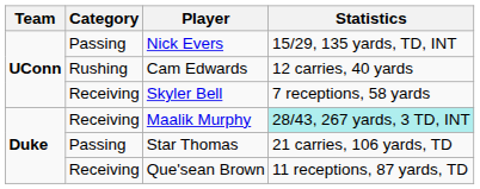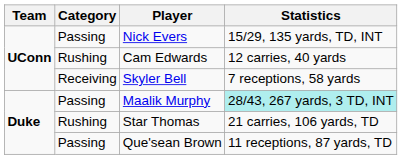 <table class="wikitable" style="float: right;">
 <tr>
 <th>Team</th>
 <th>Category</th>
 <th>Player</th>
 <th>Statistics</th>
 </tr>
 <tr>
 <td rowspan=3><strong>UConn</strong></td>
 <td>Passing</td>
 <td><a href='#'>Nick Evers</a></td>
 <td>15/29, 135 yards, TD, INT</td>
 </tr>
 <tr>
 <td>Rushing</td>
 <td>Cam Edwards</td>
 <td>12 carries, 40 yards</td>
 </tr>
 <tr>
 <td>Receiving</td>
 <td><a href='#'>Skyler Bell</a></td>
 <td>7 receptions, 58 yards</td>
 </tr>
 <tr>
 <td rowspan=3><strong>Duke</strong></td>
-<td>Receiving</td>
+<td>Passing</td>
 <td><a href='#'>Maalik Murphy</a></td>
 <td style="background: paleturquoise;">28/43, 267 yards, 3 TD, INT</td>
 </tr>
 <tr>
-<td>Passing</td>
+<td>Rushing</td>
 <td>Star Thomas</td>
 <td>21 carries, 106 yards, TD</td>
 </tr>
 <tr>
-<td>Receiving</td>
+<td>Passing</td>
 <td>Que'sean Brown</td>
 <td>11 receptions, 87 yards, TD</td>
 </tr>
 </table>
